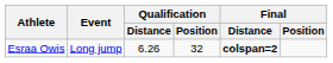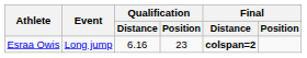 <table class=wikitable style=font-size:90%>
 <tr>
 <th rowspan=2>Athlete</th>
 <th rowspan=2>Event</th>
 <th colspan=2>Qualification</th>
 <th colspan=2>Final</th>
 </tr>
 <tr style=font-size:95%>
 <th>Distance</th>
 <th>Position</th>
 <th>Distance</th>
 <th>Position</th>
 </tr>
 <tr align=center>
 <td align=left><a href='#'>Esraa Owis</a></td>
 <td align=left><a href='#'>Long jump</a></td>
-<td>6.26</td>
-<td>32</td>
+<td>6.16</td>
+<td>23</td>
 <td><strong>colspan=2 </strong></td>
 </tr>
 </table>
